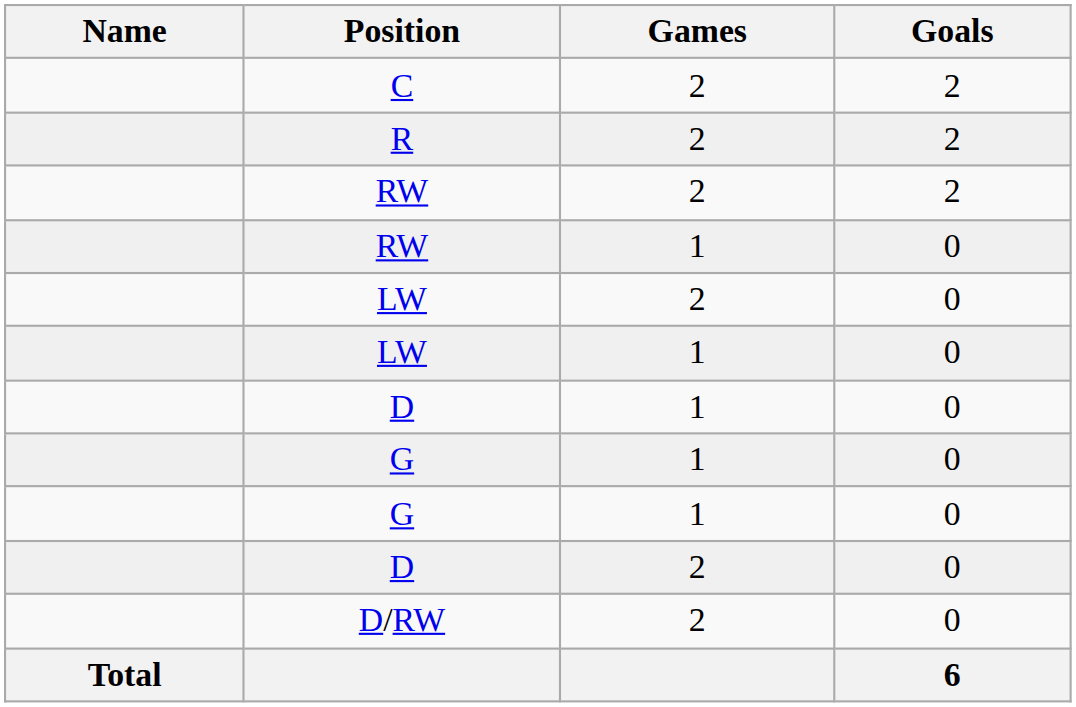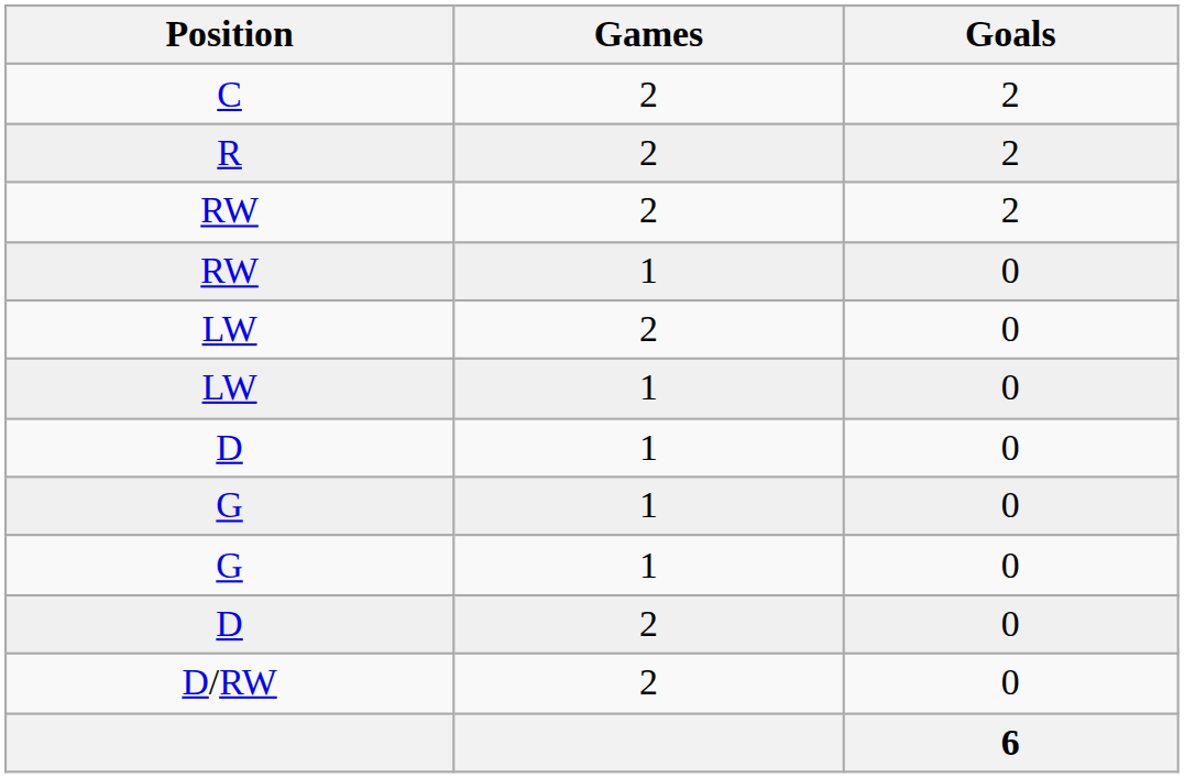 <table class="wikitable sortable" width ="40%">
 <tr align="center">
-<th><strong>Name</strong></th>
 <th><strong>Position</strong></th>
 <th><strong>Games</strong></th>
 <th><strong>Goals</strong></th>
 </tr>
 <tr align="center" bgcolor="">
-<td></td>
 <td><a href='#'>C</a></td>
 <td>2</td>
 <td>2</td>
 </tr>
 <tr align="center" bgcolor="f0f0f0">
-<td></td>
 <td><a href='#'>R</a></td>
 <td>2</td>
 <td>2</td>
 </tr>
 <tr align="center" bgcolor="">
-<td></td>
 <td><a href='#'>RW</a></td>
 <td>2</td>
 <td>2</td>
 </tr>
 <tr align="center" bgcolor="f0f0f0">
-<td></td>
 <td><a href='#'>RW</a></td>
 <td>1</td>
 <td>0</td>
 </tr>
 <tr align="center" bgcolor="">
-<td></td>
 <td><a href='#'>LW</a></td>
 <td>2</td>
 <td>0</td>
 </tr>
 <tr align="center" bgcolor="f0f0f0">
-<td></td>
 <td><a href='#'>LW</a></td>
 <td>1</td>
 <td>0</td>
 </tr>
 <tr align="center" bgcolor="">
-<td></td>
 <td><a href='#'>D</a></td>
 <td>1</td>
 <td>0</td>
 </tr>
 <tr align="center" bgcolor="f0f0f0">
-<td></td>
 <td><a href='#'>G</a></td>
 <td>1</td>
 <td>0</td>
 </tr>
 <tr align="center" bgcolor="">
-<td></td>
 <td><a href='#'>G</a></td>
 <td>1</td>
 <td>0</td>
 </tr>
 <tr align="center" bgcolor="f0f0f0">
-<td></td>
 <td><a href='#'>D</a></td>
 <td>2</td>
 <td>0</td>
 </tr>
 <tr align="center" bgcolor="">
-<td></td>
 <td><a href='#'>D</a>/<a href='#'>RW</a></td>
 <td>2</td>
 <td>0</td>
 </tr>
 <tr>
-<th>Total</th>
 <th></th>
 <th></th>
 <th>6</th>
 </tr>
 </table>
